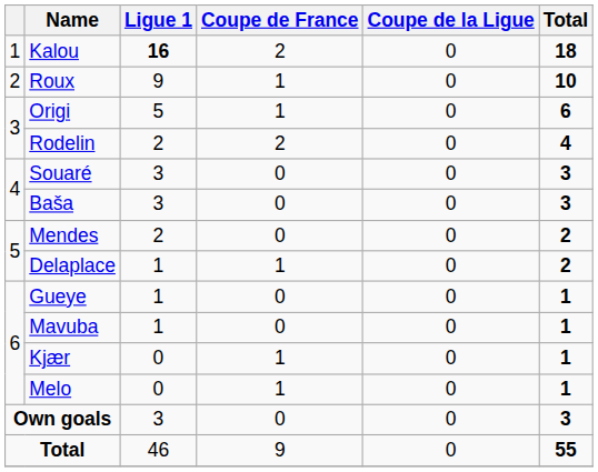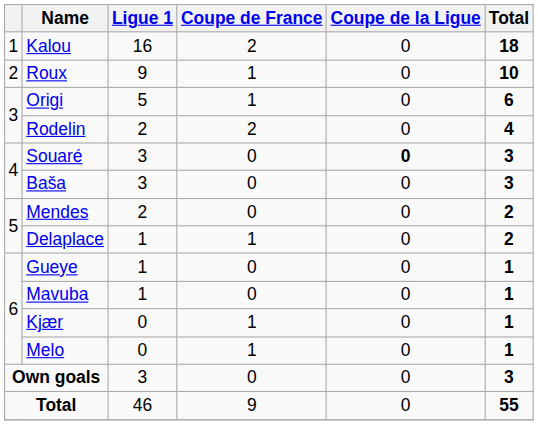 <table class="wikitable" style="text-align:center;">
 <tr>
 <th></th>
 <th>Name</th>
 <th><a href='#'>Ligue 1</a></th>
 <th><a href='#'>Coupe de France</a></th>
 <th><a href='#'>Coupe de la Ligue</a></th>
 <th>Total</th>
 </tr>
 <tr>
 <td rowspan=>1</td>
 <td align=left> <a href='#'>Kalou</a></td>
-<td><strong>16</strong></td>
+<td>16</td>
 <td>2</td>
 <td>0</td>
 <td><strong>18</strong></td>
 </tr>
 <tr>
 <td rowspan=>2</td>
 <td align=left> <a href='#'>Roux</a></td>
 <td>9</td>
 <td>1</td>
 <td>0</td>
 <td><strong>10</strong></td>
 </tr>
 <tr>
 <td rowspan=2>3</td>
 <td align=left> <a href='#'>Origi</a></td>
 <td>5</td>
 <td>1</td>
 <td>0</td>
 <td><strong>6</strong></td>
 </tr>
 <tr>
 <td align=left> <a href='#'>Rodelin</a></td>
 <td>2</td>
 <td>2</td>
 <td>0</td>
 <td><strong>4</strong></td>
 </tr>
 <tr>
 <td rowspan=2>4</td>
 <td align=left> <a href='#'>Souaré</a></td>
 <td>3</td>
 <td>0</td>
-<td>0</td>
+<td><strong>0</strong></td>
 <td><strong>3</strong></td>
 </tr>
 <tr>
 <td align=left> <a href='#'>Baša</a></td>
 <td>3</td>
 <td>0</td>
 <td>0</td>
 <td><strong>3</strong></td>
 </tr>
 <tr>
 <td rowspan=2>5</td>
 <td align=left> <a href='#'>Mendes</a></td>
 <td>2</td>
 <td>0</td>
 <td>0</td>
 <td><strong>2</strong></td>
 </tr>
 <tr>
 <td align=left> <a href='#'>Delaplace</a></td>
 <td>1</td>
 <td>1</td>
 <td>0</td>
 <td><strong>2</strong></td>
 </tr>
 <tr>
 <td rowspan=4>6</td>
 <td align=left> <a href='#'>Gueye</a></td>
 <td>1</td>
 <td>0</td>
 <td>0</td>
 <td><strong>1</strong></td>
 </tr>
 <tr>
 <td align=left> <a href='#'>Mavuba</a></td>
 <td>1</td>
 <td>0</td>
 <td>0</td>
 <td><strong>1</strong></td>
 </tr>
 <tr>
 <td align=left> <a href='#'>Kjær</a></td>
 <td>0</td>
 <td>1</td>
 <td>0</td>
 <td><strong>1</strong></td>
 </tr>
 <tr>
 <td align=left> <a href='#'>Melo</a></td>
 <td>0</td>
 <td>1</td>
 <td>0</td>
 <td><strong>1</strong></td>
 </tr>
 <tr>
 <td colspan=2><strong>Own goals</strong></td>
 <td>3</td>
 <td>0</td>
 <td>0</td>
 <td><strong>3</strong></td>
 </tr>
 <tr>
 <td colspan=2><strong>Total</strong></td>
 <td>46</td>
 <td>9</td>
 <td>0</td>
 <td><strong>55</strong></td>
 </tr>
 <tr>
 </tr>
 </table>
